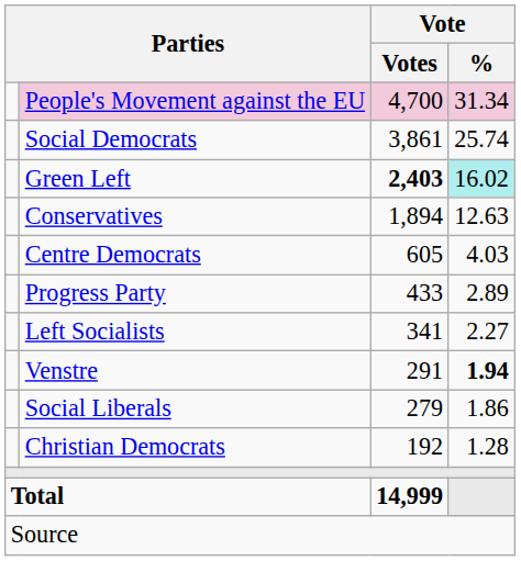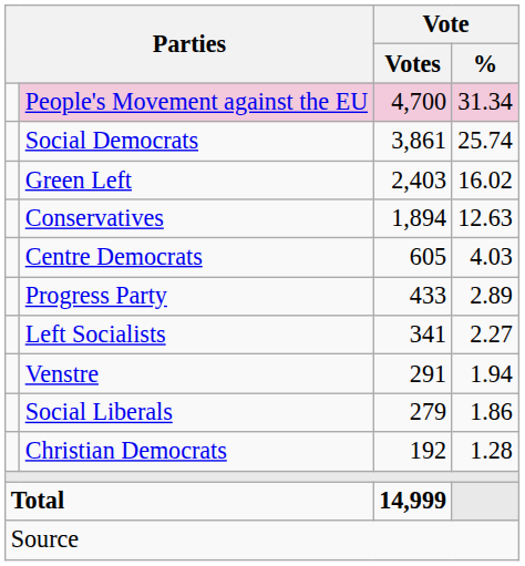 <table class="wikitable" style="text-align:right;">
 <tr>
 <th style="text-align:centre;" rowspan="2" colspan="2" width="225">Parties</th>
 <th colspan="3">Vote</th>
 </tr>
 <tr>
 <th width="15">Votes</th>
 <th width="15">%</th>
 </tr>
 <tr>
 <td width="2" style="color:inherit;background:"></td>
 <td bgcolor=#f3c9dc   align="left"><a href='#'>People's Movement against the EU</a></td>
 <td bgcolor=#f3c9dc>4,700</td>
 <td bgcolor=#f3c9dc>31.34</td>
 </tr>
 <tr>
 <td width="2" style="color:inherit;background:"></td>
 <td align="left"><a href='#'>Social Democrats</a></td>
 <td>3,861</td>
 <td>25.74</td>
 </tr>
 <tr>
 <td width="2" style="color:inherit;background:"></td>
 <td align="left"><a href='#'>Green Left</a></td>
-<td><strong>2,403</strong></td>
-<td style="background: paleturquoise;">16.02</td>
+<td>2,403</td>
+<td>16.02</td>
 </tr>
 <tr>
 <td width="2" style="color:inherit;background:"></td>
 <td align="left"><a href='#'>Conservatives</a></td>
 <td>1,894</td>
 <td>12.63</td>
 </tr>
 <tr>
 <td width="2" style="color:inherit;background:"></td>
 <td align="left"><a href='#'>Centre Democrats</a></td>
 <td>605</td>
 <td>4.03</td>
 </tr>
 <tr>
 <td width="2" style="color:inherit;background:"></td>
 <td align="left"><a href='#'>Progress Party</a></td>
 <td>433</td>
 <td>2.89</td>
 </tr>
 <tr>
 <td width="2" style="color:inherit;background:"></td>
 <td align="left"><a href='#'>Left Socialists</a></td>
 <td>341</td>
 <td>2.27</td>
 </tr>
 <tr>
 <td width="2" style="color:inherit;background:"></td>
 <td align="left"><a href='#'>Venstre</a></td>
 <td>291</td>
-<td><strong>1.94</strong></td>
+<td>1.94</td>
 </tr>
 <tr>
 <td width="2" style="color:inherit;background:"></td>
 <td align="left"><a href='#'>Social Liberals</a></td>
 <td>279</td>
 <td>1.86</td>
 </tr>
 <tr>
 <td width="2" style="color:inherit;background:"></td>
 <td align="left"><a href='#'>Christian Democrats</a></td>
 <td>192</td>
 <td>1.28</td>
 </tr>
 <tr>
 <td colspan="7" bgcolor="#E9E9E9"></td>
 </tr>
 <tr>
 <td align="left" colspan="2"><strong>Total</strong></td>
 <td><strong>14,999</strong></td>
 <td bgcolor="#E9E9E9" colspan="2"></td>
 </tr>
 <tr>
 <td align="left" colspan="6">Source</td>
 </tr>
 </table>
